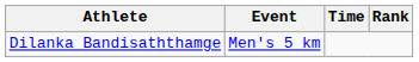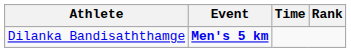 <table class="wikitable" style="text-align:center; font-size:90%">
 <tr>
 <th>Athlete</th>
 <th>Event</th>
 <th>Time</th>
 <th>Rank</th>
 </tr>
 <tr>
 <td align=left><a href='#'>Dilanka Bandisaththamge</a></td>
-<td align=left><a href='#'>Men's 5 km</a></td>
+<td align=left><strong><a href='#'>Men's 5 km</a></strong></td>
 <td colspan=2></td>
 </tr>
 </table>
